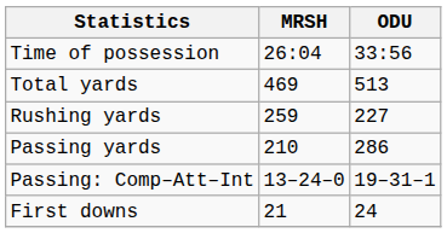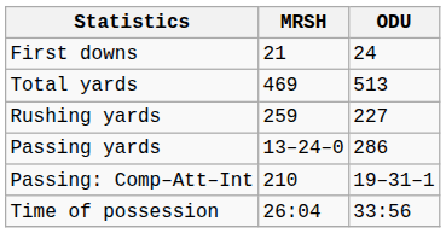 <table class="wikitable" style="float: left;">
 <tr>
 <th>Statistics</th>
 <th>MRSH</th>
 <th>ODU</th>
 </tr>
 <tr>
-<td>Time of possession</td>
-<td>26:04</td>
-<td>33:56</td>
+<td>First downs</td>
+<td>21</td>
+<td>24</td>
 </tr>
 <tr>
 <td>Total yards</td>
 <td>469</td>
 <td>513</td>
 </tr>
 <tr>
 <td>Rushing yards</td>
 <td>259</td>
 <td>227</td>
 </tr>
 <tr>
 <td>Passing yards</td>
-<td>210</td>
+<td>13–24–0</td>
 <td>286</td>
 </tr>
 <tr>
 <td>Passing: Comp–Att–Int</td>
-<td>13–24–0</td>
+<td>210</td>
 <td>19–31–1</td>
 </tr>
 <tr>
-<td>First downs</td>
-<td>21</td>
-<td>24</td>
+<td>Time of possession</td>
+<td>26:04</td>
+<td>33:56</td>
 </tr>
 <tr>
 </tr>
 </table>
